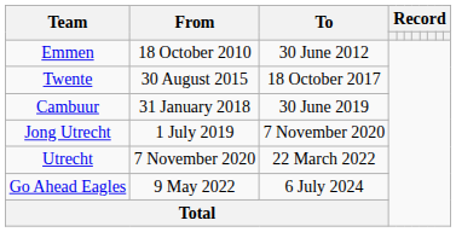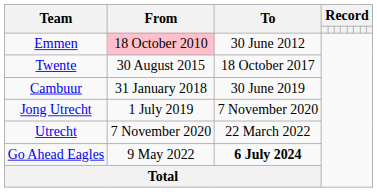 <table class="wikitable" style="text-align:center">
 <tr>
 <th rowspan="2">Team</th>
 <th rowspan="2">From</th>
 <th rowspan="2">To</th>
 <th colspan="8">Record</th>
 </tr>
 <tr>
 <th></th>
 <th></th>
 <th></th>
 <th></th>
 <th></th>
 <th></th>
 <th></th>
 <th></th>
 </tr>
 <tr>
 <td><a href='#'>Emmen</a></td>
-<td>18 October 2010</td>
+<td style="background: pink;">18 October 2010</td>
 <td>30 June 2012<br></td>
 </tr>
 <tr>
 <td><a href='#'>Twente</a></td>
 <td>30 August 2015</td>
 <td>18 October 2017<br></td>
 </tr>
 <tr>
 <td><a href='#'>Cambuur</a></td>
 <td>31 January 2018</td>
 <td>30 June 2019<br></td>
 </tr>
 <tr>
 <td><a href='#'>Jong Utrecht</a></td>
 <td>1 July 2019</td>
 <td>7 November 2020<br></td>
 </tr>
 <tr>
 <td><a href='#'>Utrecht</a></td>
 <td>7 November 2020</td>
 <td>22 March 2022<br></td>
 </tr>
 <tr>
 <td><a href='#'>Go Ahead Eagles</a></td>
 <td>9 May 2022</td>
-<td>6 July 2024<br></td>
+<td><strong>6 July 2024<br></strong></td>
 </tr>
 <tr>
 <th colspan="3">Total<br></th>
 </tr>
 </table>
